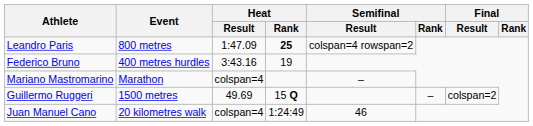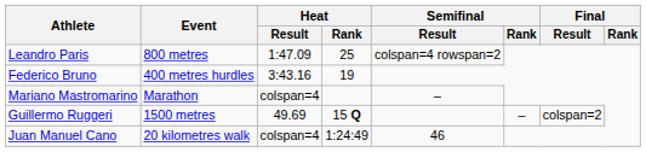 <table class=wikitable style=font-size:90%>
 <tr>
 <th rowspan=2>Athlete</th>
 <th rowspan=2>Event</th>
 <th colspan=2>Heat</th>
 <th colspan=2>Semifinal</th>
 <th colspan=2>Final</th>
 </tr>
 <tr style=font-size:95%>
 <th>Result</th>
 <th>Rank</th>
 <th>Result</th>
 <th>Rank</th>
 <th>Result</th>
 <th>Rank</th>
 </tr>
 <tr align=center>
 <td align=left><a href='#'>Leandro Paris</a></td>
 <td align=left><a href='#'>800 metres</a></td>
 <td>1:47.09 <strong></strong></td>
-<td><strong>25</strong></td>
+<td>25</td>
 <td>colspan=4 rowspan=2 </td>
 </tr>
 <tr align=center>
 <td align=left><a href='#'>Federico Bruno</a></td>
 <td align=left><a href='#'>400 metres hurdles</a></td>
 <td>3:43.16</td>
 <td>19</td>
 </tr>
 <tr align=center>
 <td align=left><a href='#'>Mariano Mastromarino</a></td>
 <td align=left><a href='#'>Marathon</a></td>
 <td>colspan=4 </td>
 <td></td>
 <td>–</td>
 </tr>
 <tr align=center>
 <td align=left><a href='#'>Guillermo Ruggeri</a></td>
 <td align=left><a href='#'>1500 metres</a></td>
 <td>49.69 <strong></strong></td>
 <td>15 <strong>Q</strong></td>
 <td></td>
 <td>–</td>
 <td>colspan=2 </td>
 </tr>
 <tr align=center>
 <td align=left><a href='#'>Juan Manuel Cano</a></td>
 <td align=left><a href='#'>20 kilometres walk</a></td>
 <td>colspan=4 </td>
 <td>1:24:49</td>
 <td>46</td>
 </tr>
 </table>
